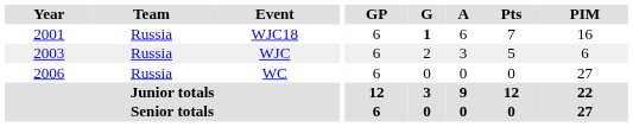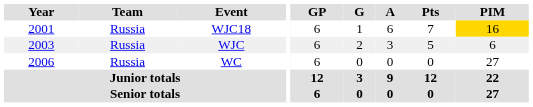 <table border="0" cellpadding="1" cellspacing="0" ID="Table3" style="text-align:center; width:40em">
 <tr ALIGN="center" bgcolor="#e0e0e0">
 <th>Year</th>
 <th>Team</th>
 <th>Event</th>
 <th rowspan="99" bgcolor="#ffffff"></th>
 <th>GP</th>
 <th>G</th>
 <th>A</th>
 <th>Pts</th>
 <th>PIM</th>
 </tr>
 <tr>
 <td><a href='#'>2001</a></td>
 <td><a href='#'>Russia</a></td>
 <td><a href='#'>WJC18</a></td>
 <td>6</td>
-<td><strong>1</strong></td>
+<td>1</td>
 <td>6</td>
 <td>7</td>
-<td>16</td>
+<td style="background: gold;">16</td>
 </tr>
 <tr bgcolor="#f0f0f0">
 <td><a href='#'>2003</a></td>
 <td><a href='#'>Russia</a></td>
 <td><a href='#'>WJC</a></td>
 <td>6</td>
 <td>2</td>
 <td>3</td>
 <td>5</td>
 <td>6</td>
 </tr>
 <tr>
 <td><a href='#'>2006</a></td>
 <td><a href='#'>Russia</a></td>
 <td><a href='#'>WC</a></td>
 <td>6</td>
 <td>0</td>
 <td>0</td>
 <td>0</td>
 <td>27</td>
 </tr>
 <tr bgcolor="#e0e0e0">
 <th colspan="3">Junior totals</th>
 <th>12</th>
 <th>3</th>
 <th>9</th>
 <th>12</th>
 <th>22</th>
 </tr>
 <tr bgcolor="#e0e0e0">
 <th colspan="3">Senior totals</th>
 <th>6</th>
 <th>0</th>
 <th>0</th>
 <th>0</th>
 <th>27</th>
 </tr>
 </table>
